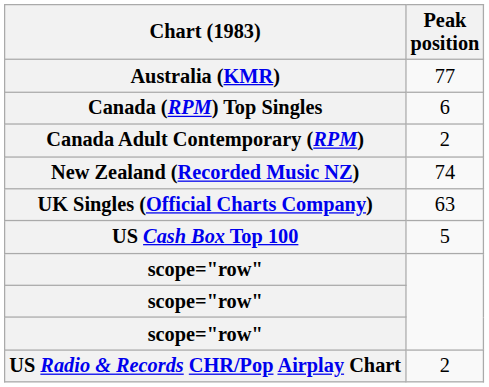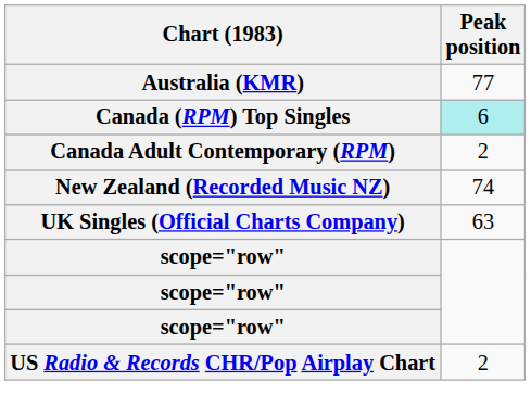 <table class="wikitable sortable plainrowheaders">
 <tr>
 <th scope="col">Chart (1983)</th>
 <th scope="col">Peak<br>position</th>
 </tr>
 <tr>
 <th scope="row">Australia (<a href='#'>KMR</a>)</th>
 <td align="center">77</td>
 </tr>
 <tr>
 <th scope="row">Canada (<em><a href='#'>RPM</a></em>) Top Singles </th>
-<td align="center">6</td>
+<td align="center" style="background: paleturquoise;">6</td>
 </tr>
 <tr>
 <th scope="row">Canada Adult Contemporary (<em><a href='#'>RPM</a></em>)</th>
 <td align="center">2</td>
 </tr>
 <tr>
 <th scope="row">New Zealand (<a href='#'>Recorded Music NZ</a>)</th>
 <td align="center">74</td>
 </tr>
 <tr>
 <th scope="row">UK Singles (<a href='#'>Official Charts Company</a>)</th>
 <td align="center">63</td>
-</tr>
-<tr>
-<th scope="row">US <a href='#'><em>Cash Box</em> Top 100</a></th>
-<td align="center">5</td>
 </tr>
 <tr>
 <th>scope="row" </th>
 </tr>
 <tr>
 <th>scope="row" </th>
 </tr>
 <tr>
 <th>scope="row" </th>
 </tr>
 <tr>
 <th scope="row">US <em><a href='#'>Radio & Records</a></em> <a href='#'>CHR/Pop</a> <a href='#'>Airplay</a> Chart</th>
 <td align="center">2</td>
 </tr>
 </table>
